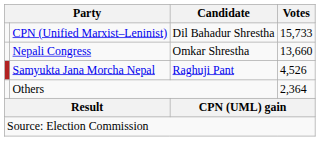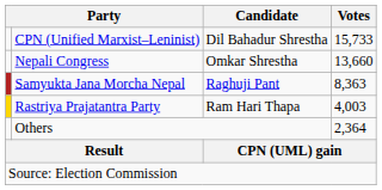 <table class="wikitable">
 <tr>
 <th colspan="2">Party</th>
 <th>Candidate</th>
 <th>Votes</th>
 </tr>
 <tr>
 <td style="background-color:"></td>
 <td><a href='#'>CPN (Unified Marxist–Leninist)</a></td>
 <td>Dil Bahadur Shrestha</td>
 <td>15,733</td>
 </tr>
 <tr>
 <td style="background-color:"></td>
 <td><a href='#'>Nepali Congress</a></td>
 <td>Omkar Shrestha</td>
 <td>13,660</td>
 </tr>
 <tr>
 <td style="background-color:firebrick"></td>
 <td><a href='#'>Samyukta Jana Morcha Nepal</a></td>
 <td><a href='#'>Raghuji Pant</a></td>
-<td>4,526</td>
+<td>8,363</td>
+</tr>
+<tr>
+<td style="background-color:gold"></td>
+<td><a href='#'>Rastriya Prajatantra Party</a></td>
+<td>Ram Hari Thapa</td>
+<td>4,003</td>
 </tr>
 <tr>
 <td></td>
 <td colspan="2">Others</td>
 <td>2,364</td>
 </tr>
 <tr>
 <th colspan="2">Result</th>
 <th colspan="2">CPN (UML) gain</th>
 </tr>
 <tr>
 <td colspan="4">Source: Election Commission </td>
 </tr>
 </table>
